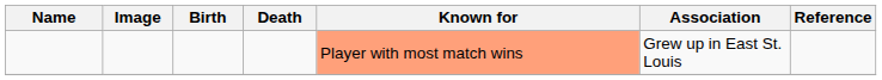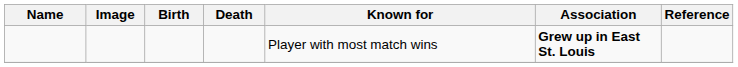 <table class="wikitable sortable">
 <tr>
 <th scope="col" width="140">Name</th>
 <th scope="col" width="80" class="unsortable">Image</th>
 <th scope="col" width="90">Birth</th>
 <th scope="col" width="90">Death</th>
 <th scope="col" width="600" class="unsortable">Known for</th>
 <th scope="col" width="200" class="unsortable">Association</th>
 <th scope="col" width="30" class="unsortable">Reference</th>
 </tr>
 <tr>
 <td></td>
 <td></td>
 <td align=right></td>
 <td align=right></td>
-<td style="background: lightsalmon;">Player with most match wins</td>
-<td>Grew up in East St. Louis</td>
+<td>Player with most match wins</td>
+<td><strong>Grew up in East St. Louis</strong></td>
 <td align="center"></td>
 </tr>
 <tr>
 </tr>
 </table>
